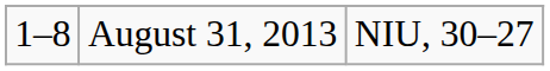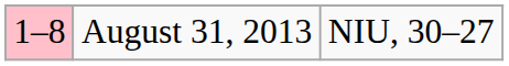 <table class="wikitable">
 <tr align="center">
 </tr>
 <tr align="center">
-<td>1–8</td>
+<td style="background: pink;">1–8</td>
 <td>August 31, 2013</td>
 <td>NIU, 30–27</td>
 </tr>
 </table>
